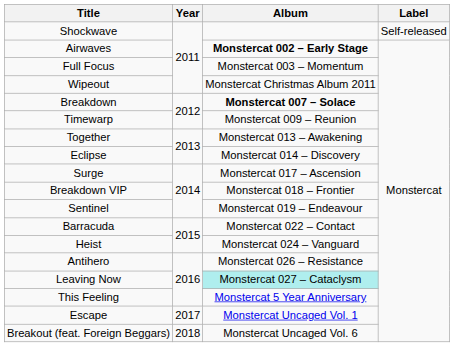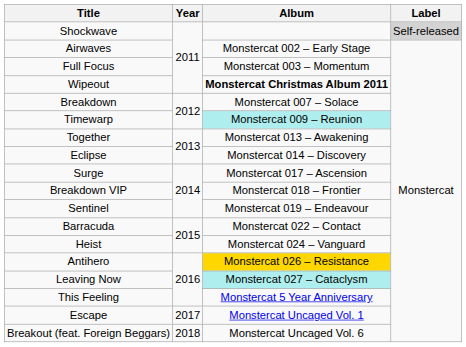 <table class="wikitable plainrowheaders" style="text-align:center;">
 <tr>
 <th scope="col">Title</th>
 <th scope="col">Year</th>
 <th scope="col">Album</th>
 <th scope="col">Label</th>
 </tr>
 <tr>
 <td>Shockwave</td>
 <td rowspan="4">2011</td>
 <td></td>
-<td>Self-released</td>
+<td style="background: lightgrey;">Self-released</td>
 </tr>
 <tr>
 <td>Airwaves</td>
-<td><strong>Monstercat 002 – Early Stage</strong></td>
+<td>Monstercat 002 – Early Stage</td>
 <td rowspan="17">Monstercat</td>
 </tr>
 <tr>
 <td>Full Focus</td>
 <td>Monstercat 003 – Momentum</td>
 </tr>
 <tr>
 <td>Wipeout</td>
-<td>Monstercat Christmas Album 2011</td>
+<td><strong>Monstercat Christmas Album 2011</strong></td>
 </tr>
 <tr>
 <td>Breakdown</td>
 <td rowspan="2">2012</td>
-<td><strong>Monstercat 007 – Solace</strong></td>
+<td>Monstercat 007 – Solace</td>
 </tr>
 <tr>
 <td>Timewarp</td>
-<td>Monstercat 009 – Reunion</td>
+<td style="background: paleturquoise;">Monstercat 009 – Reunion</td>
 </tr>
 <tr>
 <td>Together</td>
 <td rowspan="2">2013</td>
 <td>Monstercat 013 – Awakening</td>
 </tr>
 <tr>
 <td>Eclipse</td>
 <td>Monstercat 014 – Discovery</td>
 </tr>
 <tr>
 <td>Surge</td>
 <td rowspan="3">2014</td>
 <td>Monstercat 017 – Ascension</td>
 </tr>
 <tr>
 <td>Breakdown VIP</td>
 <td>Monstercat 018 – Frontier</td>
 </tr>
 <tr>
 <td>Sentinel</td>
 <td>Monstercat 019 – Endeavour</td>
 </tr>
 <tr>
 <td>Barracuda</td>
 <td rowspan="2">2015</td>
 <td>Monstercat 022 – Contact</td>
 </tr>
 <tr>
 <td>Heist</td>
 <td>Monstercat 024 – Vanguard</td>
 </tr>
 <tr>
 <td>Antihero</td>
 <td rowspan="3">2016</td>
-<td>Monstercat 026 – Resistance</td>
+<td style="background: gold;">Monstercat 026 – Resistance</td>
 </tr>
 <tr>
 <td>Leaving Now</td>
 <td style="background: paleturquoise;">Monstercat 027 – Cataclysm</td>
 </tr>
 <tr>
 <td>This Feeling</td>
 <td><a href='#'>Monstercat 5 Year Anniversary</a></td>
 </tr>
 <tr>
 <td>Escape</td>
 <td>2017</td>
 <td><a href='#'>Monstercat Uncaged Vol. 1</a></td>
 </tr>
 <tr>
 <td>Breakout (feat. Foreign Beggars)</td>
 <td>2018</td>
 <td>Monstercat Uncaged Vol. 6</td>
 </tr>
 </table>
